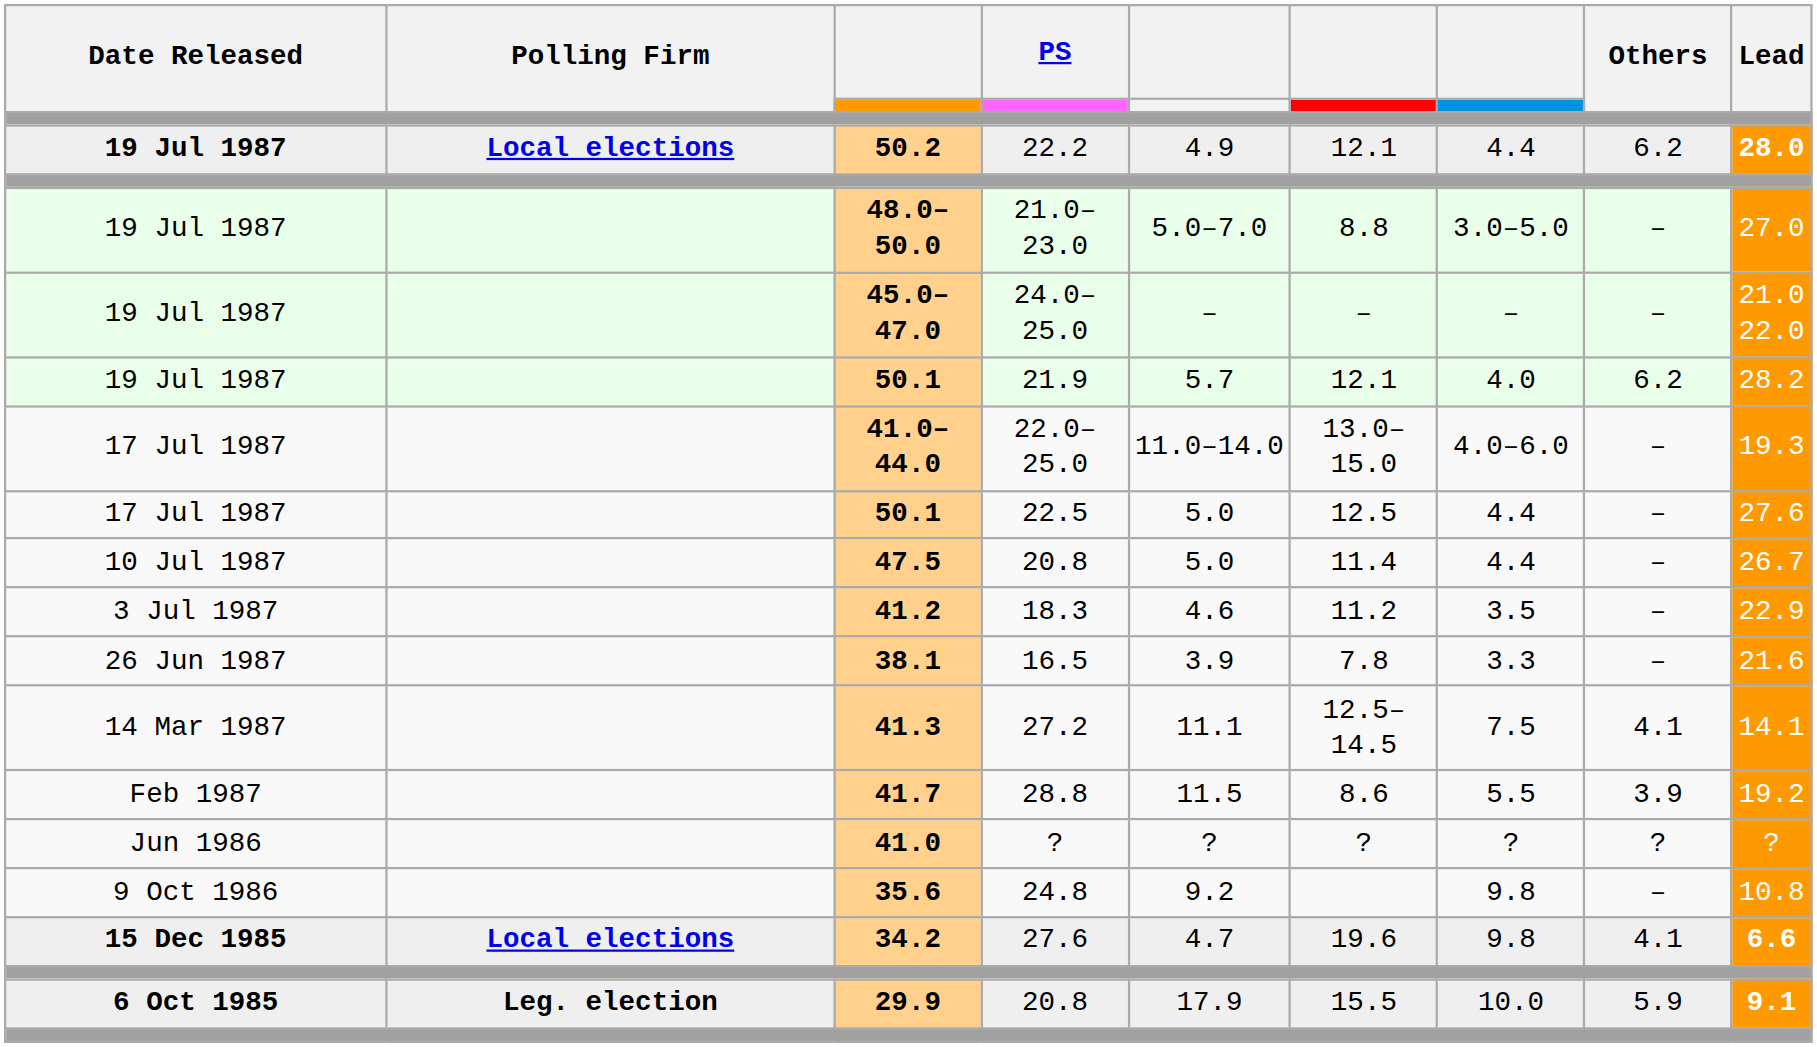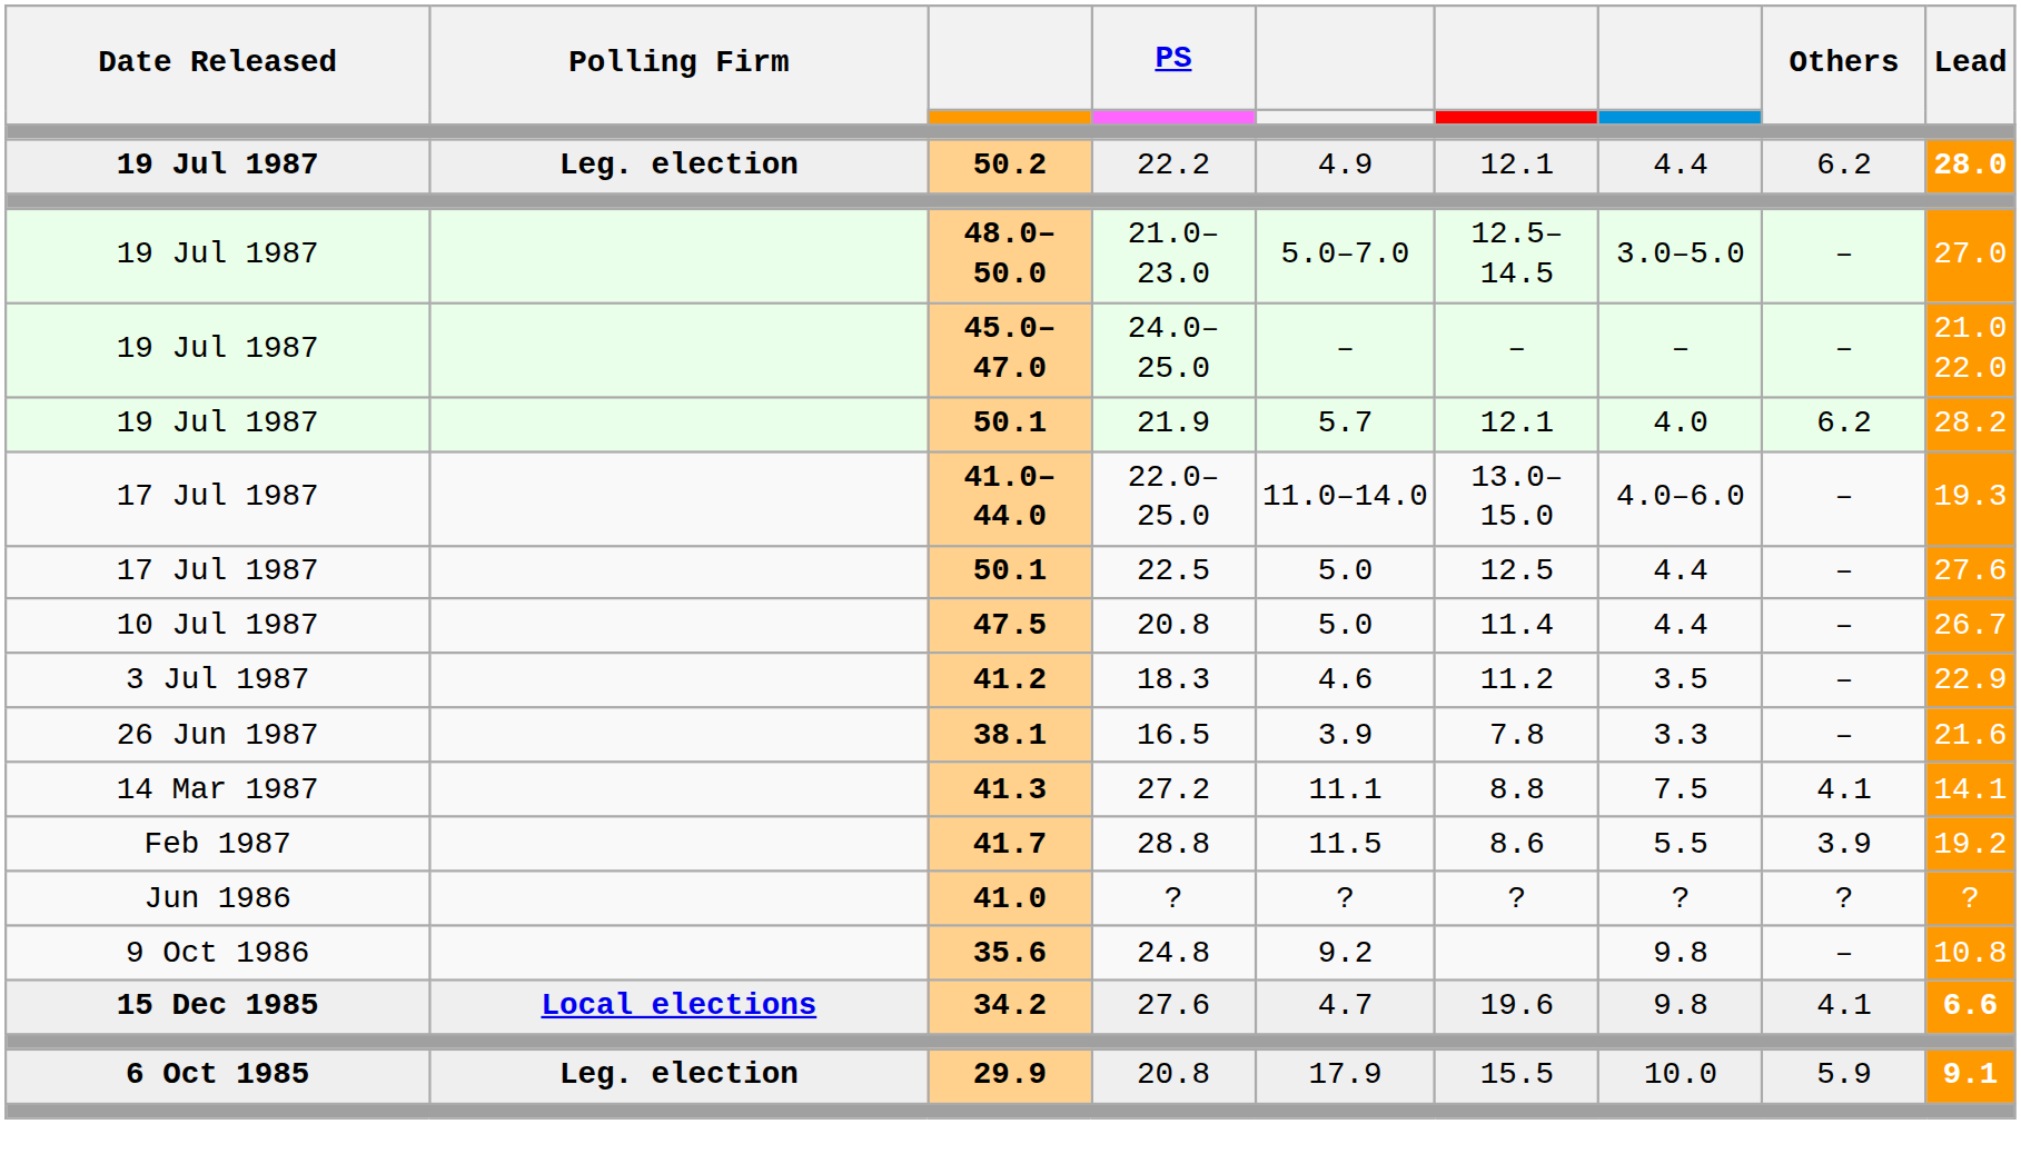 <table class="wikitable" style="text-align:center; font-size:95%; line-height:16px;">
 <tr style="height:42px;">
 <th style="width:165px;" rowspan="2">Date Released</th>
 <th style="width:195px;" rowspan="2">Polling Firm</th>
 <th></th>
 <th><a href='#'>PS</a></th>
 <th></th>
 <th></th>
 <th></th>
 <th style="width:60px;" rowspan="2">Others</th>
 <th style="width:30px;" rowspan="2">Lead</th>
 </tr>
 <tr>
 <th style="color:inherit;background:#FF9900; width:60px;"></th>
 <th style="color:inherit;background:#FF66FF; width:60px;"></th>
 <th style="color:inherit;background:"></th>
 <th style="color:inherit;background:red; width:60px;"></th>
 <th style="color:inherit;background:#0093DD; width:60px;"></th>
 </tr>
 <tr>
 <td colspan="10" style="background:#A0A0A0"></td>
 </tr>
 <tr style="background:#EFEFEF;">
 <td align="center"><strong>19 Jul 1987</strong></td>
-<td><strong><a href='#'>Local elections</a></strong></td>
+<td align="center"><strong>Leg. election</strong></td>
 <td align="center" style="background:#FFD18D"><strong>50.2</strong><br></td>
 <td align="center">22.2<br></td>
 <td align="center">4.9<br></td>
 <td align="center">12.1<br></td>
 <td align="center">4.4<br></td>
 <td align="center">6.2<br></td>
 <td style="background:#FF9900; color:white"><strong>28.0</strong></td>
 </tr>
 <tr>
 <td colspan="10" style="background:#A0A0A0"></td>
 </tr>
 <tr style="background:#EAFFEA"|>
 <td align="center">19 Jul 1987</td>
 <td align="center"></td>
 <td align="center" style="background:#FFD18D"><strong>48.0–50.0</strong></td>
 <td align="center">21.0–23.0</td>
 <td align="center">5.0–7.0</td>
-<td align="center">8.8</td>
+<td align="center">12.5–14.5</td>
 <td align="center">3.0–5.0</td>
 <td align="center">–</td>
 <td style="background:#FF9900; color:white">27.0</td>
 </tr>
 <tr style="background:#EAFFEA"|>
 <td align="center">19 Jul 1987</td>
 <td align="center"></td>
 <td align="center" style="background:#FFD18D"><strong>45.0–47.0</strong></td>
 <td align="center">24.0–25.0</td>
 <td align="center">–</td>
 <td align="center">–</td>
 <td align="center">–</td>
 <td align="center">–</td>
 <td style="background:#FF9900; color:white">21.0<br>22.0</td>
 </tr>
 <tr style="background:#EAFFEA"|>
 <td align="center">19 Jul 1987</td>
 <td align="center"></td>
 <td align="center" style="background:#FFD18D"><strong>50.1</strong></td>
 <td align="center">21.9</td>
 <td align="center">5.7</td>
 <td align="center">12.1</td>
 <td align="center">4.0</td>
 <td align="center">6.2</td>
 <td style="background:#FF9900; color:white">28.2</td>
 </tr>
 <tr>
 <td align="center">17 Jul 1987</td>
 <td align="center"></td>
 <td align="center" style="background:#FFD18D"><strong>41.0–44.0</strong></td>
 <td align="center">22.0–25.0</td>
 <td align="center">11.0–14.0</td>
 <td align="center">13.0–15.0</td>
 <td align="center">4.0–6.0</td>
 <td align="center">–</td>
 <td style="background:#FF9900; color:white">19.3</td>
 </tr>
 <tr>
 <td align="center">17 Jul 1987</td>
 <td align="center"></td>
 <td align="center" style="background:#FFD18D"><strong>50.1</strong></td>
 <td align="center">22.5</td>
 <td align="center">5.0</td>
 <td align="center">12.5</td>
 <td align="center">4.4</td>
 <td align="center">–</td>
 <td style="background:#FF9900; color:white">27.6</td>
 </tr>
 <tr>
 <td align="center">10 Jul 1987</td>
 <td align="center"></td>
 <td align="center" style="background:#FFD18D"><strong>47.5</strong></td>
 <td align="center">20.8</td>
 <td align="center">5.0</td>
 <td align="center">11.4</td>
 <td align="center">4.4</td>
 <td align="center">–</td>
 <td style="background:#FF9900; color:white">26.7</td>
 </tr>
 <tr>
 <td align="center">3 Jul 1987</td>
 <td align="center"></td>
 <td align="center" style="background:#FFD18D"><strong>41.2</strong></td>
 <td align="center">18.3</td>
 <td align="center">4.6</td>
 <td align="center">11.2</td>
 <td align="center">3.5</td>
 <td align="center">–</td>
 <td style="background:#FF9900; color:white">22.9</td>
 </tr>
 <tr>
 <td align="center">26 Jun 1987</td>
 <td align="center"></td>
 <td align="center" style="background:#FFD18D"><strong>38.1</strong></td>
 <td align="center">16.5</td>
 <td align="center">3.9</td>
 <td align="center">7.8</td>
 <td align="center">3.3</td>
 <td align="center">–</td>
 <td style="background:#FF9900; color:white">21.6</td>
 </tr>
 <tr>
 <td align="center">14 Mar 1987</td>
 <td align="center"></td>
 <td align="center" style="background:#FFD18D"><strong>41.3</strong></td>
 <td align="center">27.2</td>
 <td align="center">11.1</td>
-<td align="center">12.5–14.5</td>
+<td align="center">8.8</td>
 <td align="center">7.5</td>
 <td align="center">4.1</td>
 <td style="background:#FF9900; color:white">14.1</td>
 </tr>
 <tr>
 <td align="center">Feb 1987</td>
 <td align="center"></td>
 <td align="center" style="background:#FFD18D"><strong>41.7</strong></td>
 <td align="center">28.8</td>
 <td align="center">11.5</td>
 <td align="center">8.6</td>
 <td align="center">5.5</td>
 <td align="center">3.9</td>
 <td style="background:#FF9900; color:white">19.2</td>
 </tr>
 <tr>
 <td align="center">Jun 1986</td>
 <td align="center"></td>
 <td align="center" style="background:#FFD18D"><strong>41.0</strong></td>
 <td align="center">?</td>
 <td align="center">?</td>
 <td align="center">?</td>
 <td align="center">?</td>
 <td align="center">?</td>
 <td style="background:#FF9900; color:white">?</td>
 </tr>
 <tr>
 <td align="center">9 Oct 1986</td>
 <td align="center"></td>
 <td align="center" style="background:#FFD18D"><strong>35.6</strong></td>
 <td align="center">24.8</td>
 <td align="center">9.2</td>
 <td></td>
 <td align="center">9.8</td>
 <td align="center">–</td>
 <td style="background:#FF9900; color:white">10.8</td>
 </tr>
 <tr style="background:#EFEFEF;">
 <td><strong>15 Dec 1985</strong></td>
 <td><strong><a href='#'>Local elections</a></strong></td>
 <td align="center" style="background:#FFD18D"><strong>34.2</strong></td>
 <td align="center">27.6</td>
 <td align="center">4.7</td>
 <td align="center">19.6</td>
 <td align="center">9.8</td>
 <td align="center">4.1</td>
 <td style="background:#FF9900; color:white"><strong>6.6</strong></td>
 </tr>
 <tr>
 <td colspan="10" style="background:#A0A0A0"></td>
 </tr>
 <tr style="background:#EFEFEF;">
 <td align="center"><strong>6 Oct 1985</strong></td>
 <td align="center"><strong>Leg. election</strong></td>
 <td align="center" style="background:#FFD18D"><strong>29.9</strong><br></td>
 <td align="center">20.8<br></td>
 <td align="center">17.9<br></td>
 <td align="center">15.5<br></td>
 <td align="center">10.0<br></td>
 <td align="center">5.9<br></td>
 <td style="background:#FF9900; color:white"><strong>9.1</strong></td>
 </tr>
 <tr>
 <td colspan="10" style="background:#A0A0A0"></td>
 </tr>
 </table>
